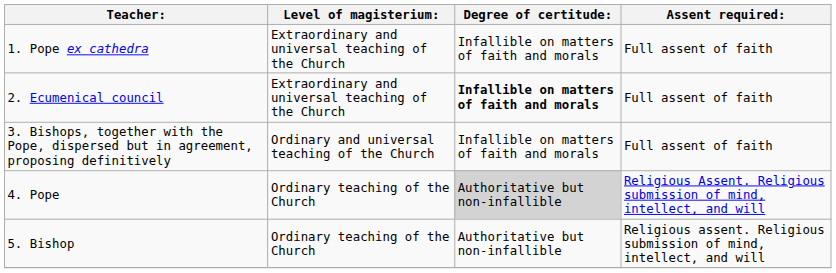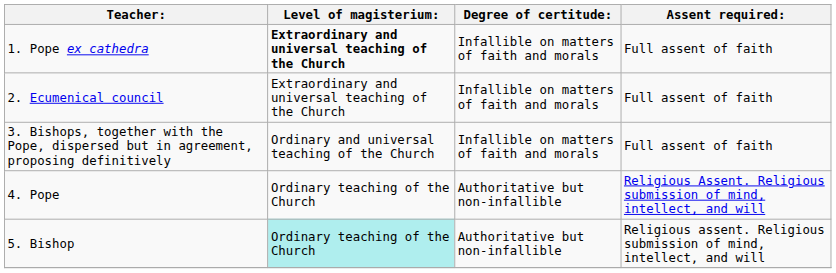 <table class="wikitable">
 <tr>
 <th>Teacher:</th>
 <th>Level of magisterium:</th>
 <th>Degree of certitude:</th>
 <th>Assent required:</th>
 </tr>
 <tr>
 <td>1. Pope <em><a href='#'>ex cathedra</a></em></td>
-<td>Extraordinary and universal teaching of the Church</td>
+<td><strong>Extraordinary and universal teaching of the Church</strong></td>
 <td>Infallible on matters of faith and morals</td>
 <td>Full assent of faith</td>
 </tr>
 <tr>
 <td>2. <a href='#'>Ecumenical council</a></td>
 <td>Extraordinary and universal teaching of the Church</td>
-<td><strong>Infallible on matters of faith and morals</strong></td>
+<td>Infallible on matters of faith and morals</td>
 <td>Full assent of faith</td>
 </tr>
 <tr>
 <td>3. Bishops, together with the Pope, dispersed but in agreement, proposing definitively</td>
 <td>Ordinary and universal teaching of the Church</td>
 <td>Infallible on matters of faith and morals</td>
 <td>Full assent of faith</td>
 </tr>
 <tr>
 <td>4. Pope</td>
 <td>Ordinary teaching of the Church</td>
-<td style="background: lightgrey;">Authoritative but non-infallible</td>
+<td>Authoritative but non-infallible</td>
 <td><a href='#'>Religious Assent. Religious submission of mind, intellect, and will</a></td>
 </tr>
 <tr>
 <td>5. Bishop</td>
-<td>Ordinary teaching of the Church</td>
+<td style="background: paleturquoise;">Ordinary teaching of the Church</td>
 <td>Authoritative but non-infallible</td>
 <td>Religious assent. Religious submission of mind, intellect, and will</td>
 </tr>
 <tr>
 </tr>
 </table>
